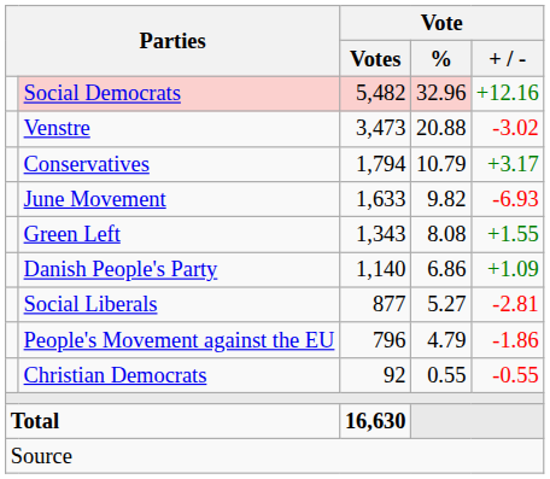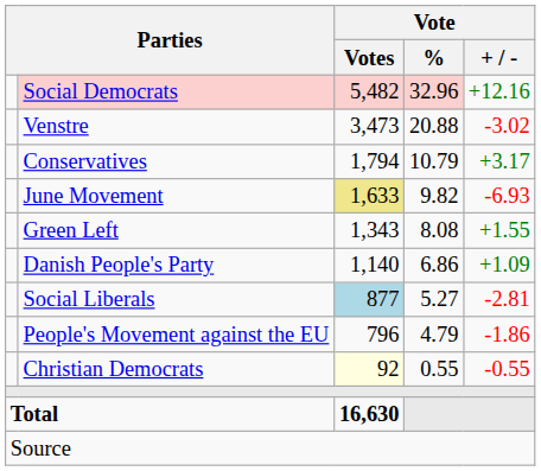 <table class="wikitable" style="text-align:right;">
 <tr>
 <th style="text-align:centre;" rowspan="2" colspan="2" width="225">Parties</th>
 <th colspan="3">Vote</th>
 </tr>
 <tr>
 <th width="15">Votes</th>
 <th width="15">%</th>
 <th width="15">+ / -</th>
 </tr>
 <tr>
 <td width="2" style="color:inherit;background:"></td>
 <td bgcolor=#fbd0ce   align="left"><a href='#'>Social Democrats</a></td>
 <td bgcolor=#fbd0ce>5,482</td>
 <td bgcolor=#fbd0ce>32.96</td>
 <td style=color:green;>+12.16</td>
 </tr>
 <tr>
 <td width="2" style="color:inherit;background:"></td>
 <td align="left"><a href='#'>Venstre</a></td>
 <td>3,473</td>
 <td>20.88</td>
 <td style=color:red;>-3.02</td>
 </tr>
 <tr>
 <td width="2" style="color:inherit;background:"></td>
 <td align="left"><a href='#'>Conservatives</a></td>
 <td>1,794</td>
 <td>10.79</td>
 <td style=color:green;>+3.17</td>
 </tr>
 <tr>
 <td width="2" style="color:inherit;background:"></td>
 <td align="left"><a href='#'>June Movement</a></td>
-<td>1,633</td>
+<td style="background: khaki;">1,633</td>
 <td>9.82</td>
 <td style=color:red;>-6.93</td>
 </tr>
 <tr>
 <td width="2" style="color:inherit;background:"></td>
 <td align="left"><a href='#'>Green Left</a></td>
 <td>1,343</td>
 <td>8.08</td>
 <td style=color:green;>+1.55</td>
 </tr>
 <tr>
 <td width="2" style="color:inherit;background:"></td>
 <td align="left"><a href='#'>Danish People's Party</a></td>
 <td>1,140</td>
 <td>6.86</td>
 <td style=color:green;>+1.09</td>
 </tr>
 <tr>
 <td width="2" style="color:inherit;background:"></td>
 <td align="left"><a href='#'>Social Liberals</a></td>
-<td>877</td>
+<td style="background: lightblue;">877</td>
 <td>5.27</td>
 <td style=color:red;>-2.81</td>
 </tr>
 <tr>
 <td width="2" style="color:inherit;background:"></td>
 <td align="left"><a href='#'>People's Movement against the EU</a></td>
 <td>796</td>
 <td>4.79</td>
 <td style=color:red;>-1.86</td>
 </tr>
 <tr>
 <td width="2" style="color:inherit;background:"></td>
 <td align="left"><a href='#'>Christian Democrats</a></td>
-<td>92</td>
+<td style="background: lightyellow;">92</td>
 <td>0.55</td>
 <td style=color:red;>-0.55</td>
 </tr>
 <tr>
 <td colspan="7" bgcolor="#E9E9E9"></td>
 </tr>
 <tr>
 <td align="left" colspan="2"><strong>Total</strong></td>
 <td><strong>16,630</strong></td>
 <td bgcolor="#E9E9E9" colspan="2"></td>
 </tr>
 <tr>
 <td align="left" colspan="6">Source</td>
 </tr>
 </table>
